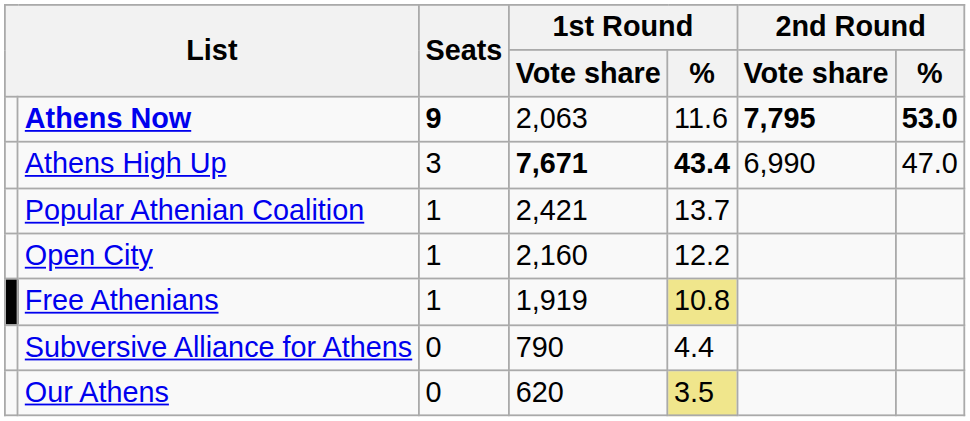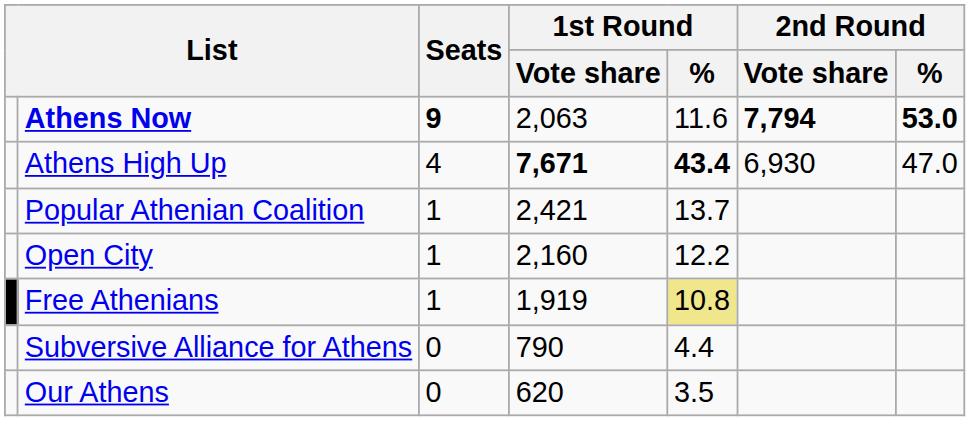 <table class="wikitable">
 <tr>
 <th colspan="2" rowspan="2">List</th>
 <th rowspan="2">Seats</th>
 <th colspan="2">1st Round</th>
 <th colspan="2">2nd Round</th>
 </tr>
 <tr>
 <th><strong>Vote share</strong></th>
 <th>%</th>
 <th><strong>Vote share</strong></th>
 <th>%</th>
 </tr>
 <tr>
 <td style="background-color:"></td>
 <td><strong><a href='#'>Athens Now</a></strong></td>
 <td><strong>9</strong></td>
 <td>2,063</td>
 <td>11.6</td>
-<td><strong>7,795</strong></td>
+<td><strong>7,794</strong></td>
 <td><strong>53.0</strong></td>
 </tr>
 <tr>
 <td style="background-color:"></td>
 <td><a href='#'>Athens High Up</a></td>
-<td>3</td>
+<td>4</td>
 <td><strong>7,671</strong></td>
 <td><strong>43.4</strong></td>
-<td>6,990</td>
+<td>6,930</td>
 <td>47.0</td>
 </tr>
 <tr>
 <td style="background-color:"></td>
 <td><a href='#'>Popular Athenian Coalition</a></td>
 <td>1</td>
 <td>2,421</td>
 <td>13.7</td>
 <td></td>
 <td></td>
 </tr>
 <tr>
 <td style="background-color:"></td>
 <td><a href='#'>Open City</a></td>
 <td>1</td>
 <td>2,160</td>
 <td>12.2</td>
 <td></td>
 <td></td>
 </tr>
 <tr>
 <td style="background-color:#000000"></td>
 <td><a href='#'>Free Athenians</a></td>
 <td>1</td>
 <td>1,919</td>
 <td style="background: khaki;">10.8</td>
 <td></td>
 <td></td>
 </tr>
 <tr>
 <td style="background-color:"></td>
 <td><a href='#'>Subversive Alliance for Athens</a></td>
 <td>0</td>
 <td>790</td>
 <td>4.4</td>
 <td></td>
 <td></td>
 </tr>
 <tr>
 <td style="background-color:"></td>
 <td><a href='#'>Our Athens</a></td>
 <td>0</td>
 <td>620</td>
-<td style="background: khaki;">3.5</td>
+<td>3.5</td>
 <td></td>
 <td></td>
 </tr>
 </table>
